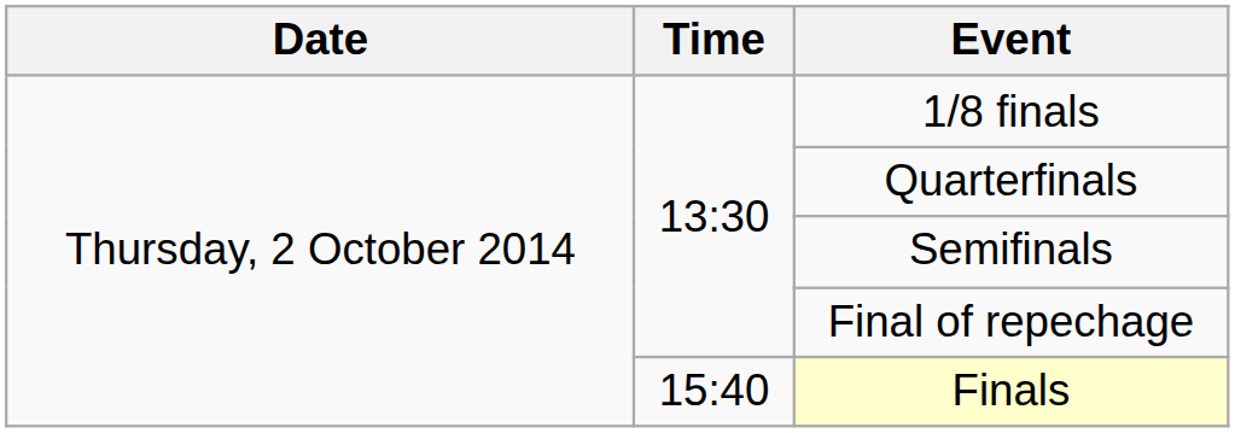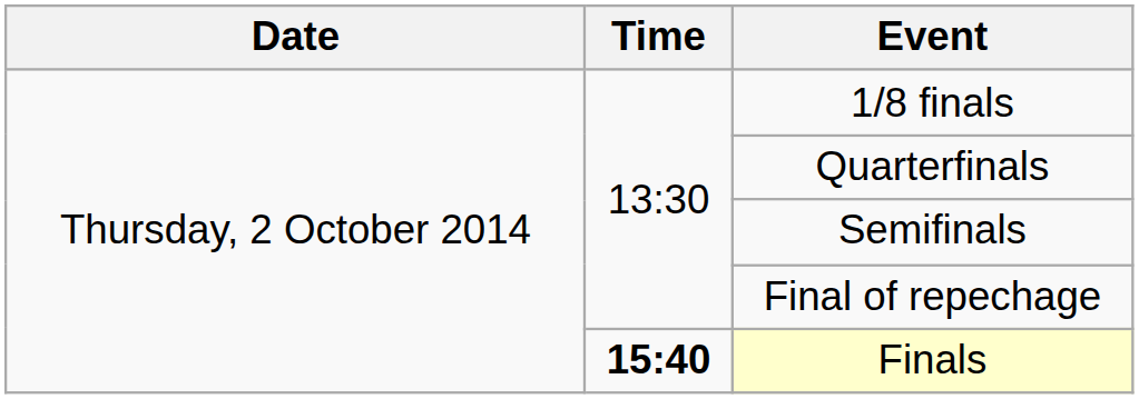 <table class = "wikitable" style="text-align:center;">
 <tr>
 <th width=220>Date</th>
 <th width=50>Time</th>
 <th width=150>Event</th>
 </tr>
 <tr>
 <td rowspan=5>Thursday, 2 October 2014</td>
 <td rowspan=4>13:30</td>
 <td>1/8 finals</td>
 </tr>
 <tr>
 <td>Quarterfinals</td>
 </tr>
 <tr>
 <td>Semifinals</td>
 </tr>
 <tr>
 <td>Final of repechage</td>
 </tr>
 <tr>
-<td>15:40</td>
+<td><strong>15:40</strong></td>
 <td bgcolor=ffffcc>Finals</td>
 </tr>
 </table>
